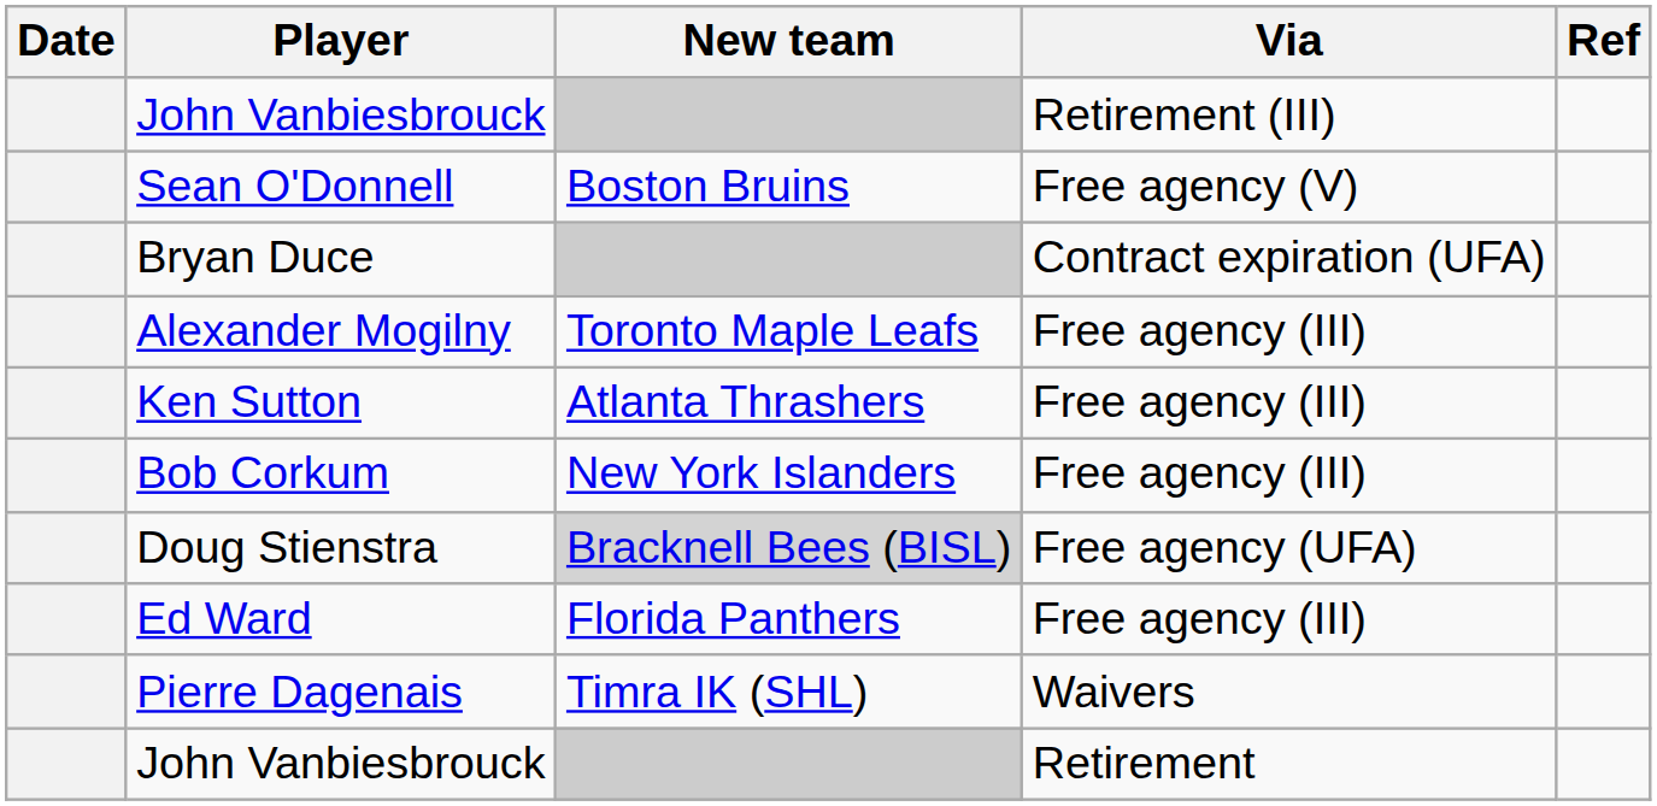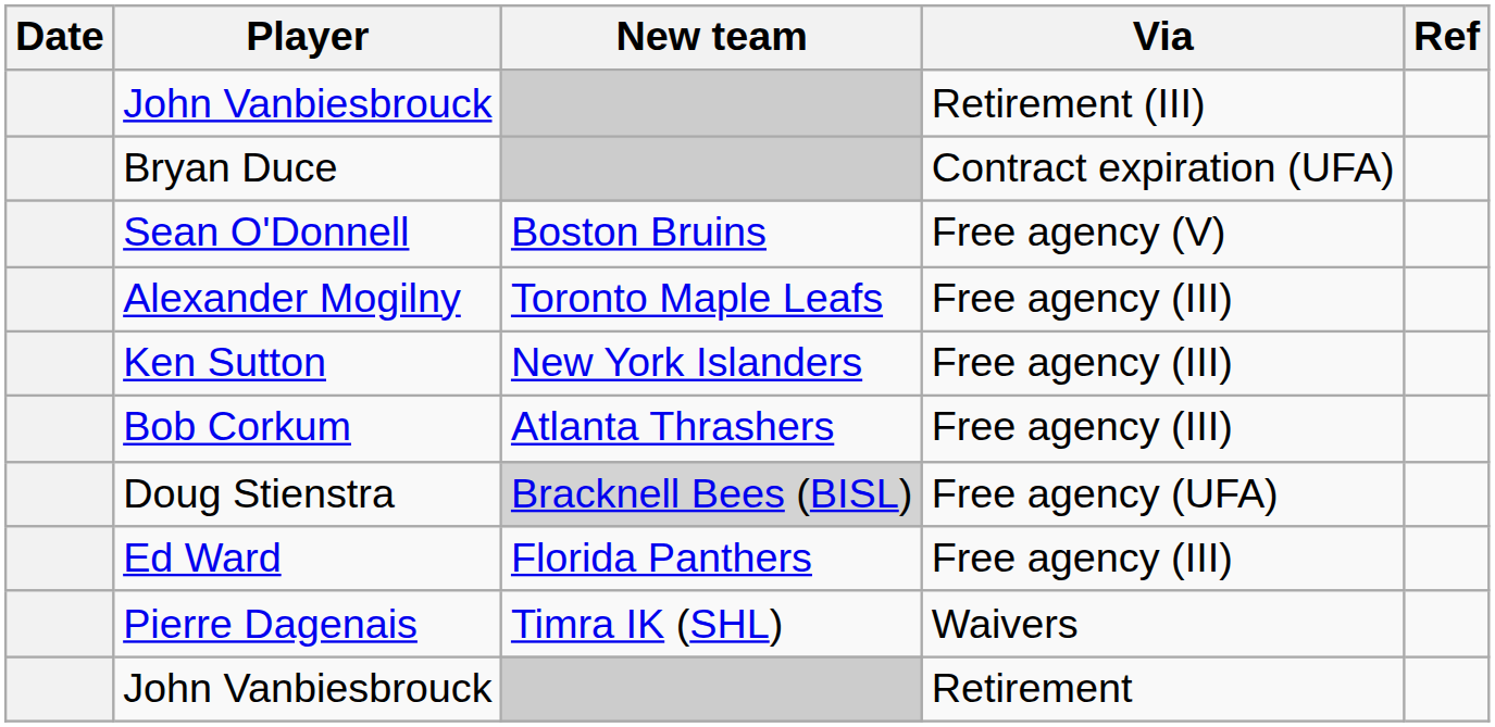 <table class="wikitable plainrowheaders">
 <tr style="background:#ddd; text-align:center;">
 <th>Date</th>
 <th>Player</th>
 <th>New team</th>
 <th>Via</th>
 <th>Ref</th>
 </tr>
 <tr>
 <th scope="row"></th>
 <td><a href='#'>John Vanbiesbrouck</a></td>
 <td style="background:#ccc"></td>
 <td>Retirement (III)</td>
 <td></td>
 </tr>
 <tr>
 <th scope="row"></th>
-<td><a href='#'>Sean O'Donnell</a></td>
-<td><a href='#'>Boston Bruins</a></td>
-<td>Free agency (V)</td>
+<td>Bryan Duce</td>
+<td style="background:#ccc"></td>
+<td>Contract expiration (UFA)</td>
 <td></td>
 </tr>
 <tr>
 <th scope="row"></th>
-<td>Bryan Duce</td>
-<td style="background:#ccc"></td>
-<td>Contract expiration (UFA)</td>
+<td><a href='#'>Sean O'Donnell</a></td>
+<td><a href='#'>Boston Bruins</a></td>
+<td>Free agency (V)</td>
 <td></td>
 </tr>
 <tr>
 <th scope="row"></th>
 <td><a href='#'>Alexander Mogilny</a></td>
 <td><a href='#'>Toronto Maple Leafs</a></td>
 <td>Free agency (III)</td>
 <td></td>
 </tr>
 <tr>
 <th scope="row"></th>
 <td><a href='#'>Ken Sutton</a></td>
-<td><a href='#'>Atlanta Thrashers</a></td>
+<td><a href='#'>New York Islanders</a></td>
 <td>Free agency (III)</td>
 <td></td>
 </tr>
 <tr>
 <th scope="row"></th>
 <td><a href='#'>Bob Corkum</a></td>
-<td><a href='#'>New York Islanders</a></td>
+<td><a href='#'>Atlanta Thrashers</a></td>
 <td>Free agency (III)</td>
 <td></td>
 </tr>
 <tr>
 <th scope="row"></th>
 <td>Doug Stienstra</td>
 <td style="background: lightgrey;"><a href='#'>Bracknell Bees</a> (<a href='#'>BISL</a>)</td>
 <td>Free agency (UFA)</td>
 <td></td>
 </tr>
 <tr>
 <th scope="row"></th>
 <td><a href='#'>Ed Ward</a></td>
 <td><a href='#'>Florida Panthers</a></td>
 <td>Free agency (III)</td>
 <td></td>
 </tr>
 <tr>
 <th scope="row"></th>
 <td><a href='#'>Pierre Dagenais</a></td>
 <td><a href='#'>Timra IK</a> (<a href='#'>SHL</a>)</td>
 <td>Waivers</td>
 <td></td>
 </tr>
 <tr>
 <th scope="row"></th>
 <td>John Vanbiesbrouck</td>
 <td style="background:#ccc"></td>
 <td>Retirement</td>
 <td></td>
 </tr>
 </table>
